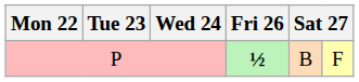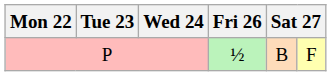 <table class="wikitable" style="margin:0.5em auto; font-size:90%; line-height:1.25em; text-align:center">
 <tr>
 <th>Mon 22</th>
 <th>Tue 23</th>
 <th>Wed 24</th>
 <th>Fri 26</th>
 <th colspan="2">Sat 27</th>
 </tr>
 <tr>
 <td bgcolor="#FFBBBB" colspan="3">P</td>
-<td bgcolor="#BBF3BB"><strong>½</strong></td>
+<td bgcolor="#BBF3BB">½</td>
 <td bgcolor="#FEDCBA">B</td>
 <td bgcolor="#FFFFB">F</td>
 </tr>
 </table>
